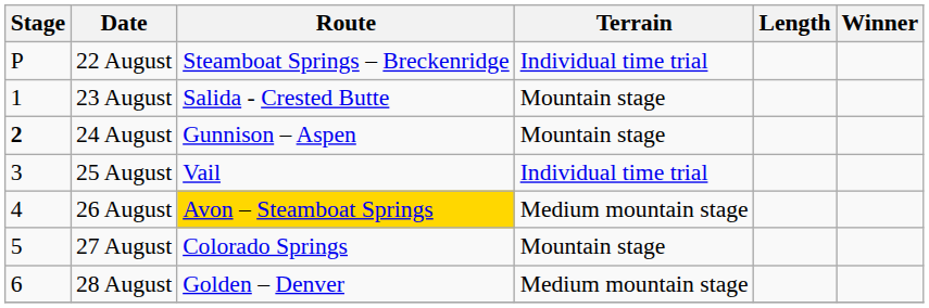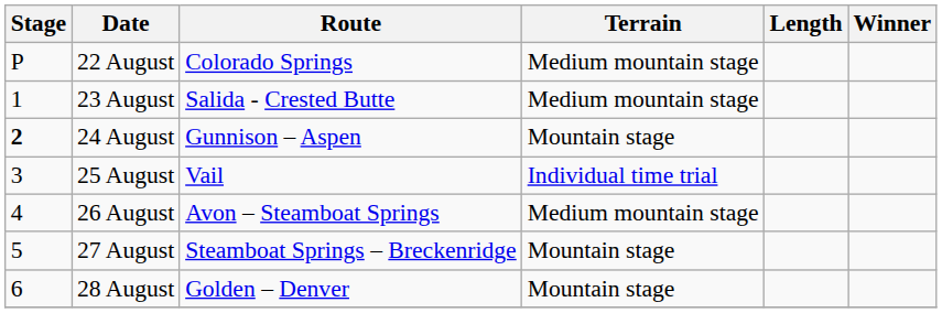 <table class="wikitable">
 <tr>
 <th>Stage</th>
 <th>Date</th>
 <th>Route</th>
 <th>Terrain</th>
 <th>Length</th>
 <th>Winner</th>
 </tr>
 <tr>
 <td style="align:center;">P</td>
 <td>22 August</td>
-<td><a href='#'>Steamboat Springs</a> – <a href='#'>Breckenridge</a></td>
-<td> <a href='#'>Individual time trial</a></td>
+<td><a href='#'>Colorado Springs</a></td>
+<td> Medium mountain stage</td>
 <td></td>
 <td></td>
 </tr>
 <tr>
 <td style="align:center;">1</td>
 <td>23 August</td>
 <td><a href='#'>Salida</a> - <a href='#'>Crested Butte</a></td>
-<td> Mountain stage</td>
+<td> Medium mountain stage</td>
 <td></td>
 <td></td>
 </tr>
 <tr>
 <td style="align:center;"><strong>2</strong></td>
 <td>24 August</td>
 <td><a href='#'>Gunnison</a> – <a href='#'>Aspen</a></td>
 <td> Mountain stage</td>
 <td></td>
 <td></td>
 </tr>
 <tr>
 <td style="align:center;">3</td>
 <td>25 August</td>
 <td><a href='#'>Vail</a></td>
 <td> <a href='#'>Individual time trial</a></td>
 <td></td>
 <td></td>
 </tr>
 <tr>
 <td style="align:center;">4</td>
 <td>26 August</td>
-<td style="background: gold;"><a href='#'>Avon</a> – <a href='#'>Steamboat Springs</a></td>
+<td><a href='#'>Avon</a> – <a href='#'>Steamboat Springs</a></td>
 <td> Medium mountain stage</td>
 <td></td>
 <td></td>
 </tr>
 <tr>
 <td style="align:center;">5</td>
 <td>27 August</td>
-<td><a href='#'>Colorado Springs</a></td>
+<td><a href='#'>Steamboat Springs</a> – <a href='#'>Breckenridge</a></td>
 <td> Mountain stage</td>
 <td></td>
 <td></td>
 </tr>
 <tr>
 <td style="align:center;">6</td>
 <td>28 August</td>
 <td><a href='#'>Golden</a> – <a href='#'>Denver</a></td>
-<td> Medium mountain stage</td>
+<td> Mountain stage</td>
 <td></td>
 <td></td>
 </tr>
 <tr>
 </tr>
 </table>
